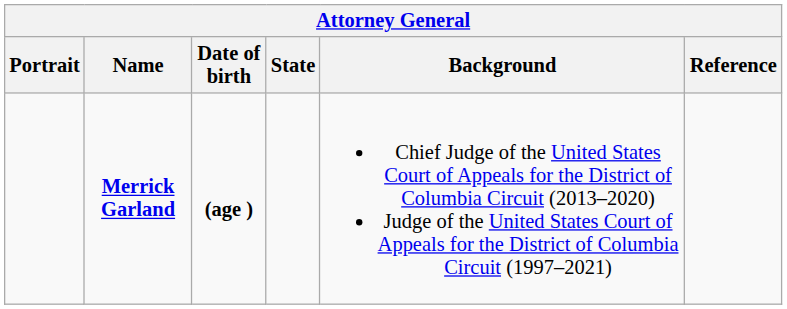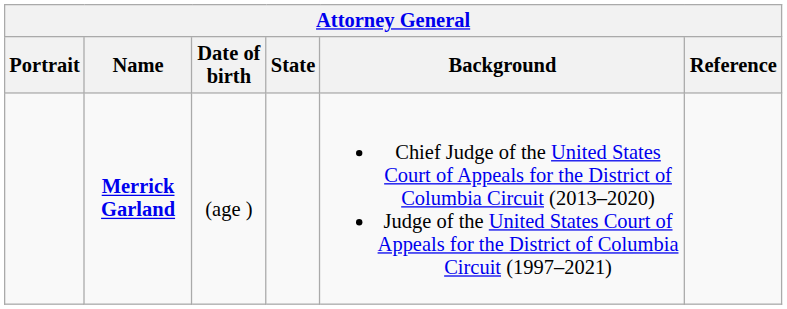 <table class="wikitable collapsible" style="text-align:center;">
 <tr>
 <th colspan="6"><a href='#'>Attorney General</a></th>
 </tr>
 <tr>
 <th>Portrait</th>
 <th>Name</th>
 <th>Date of birth</th>
 <th>State</th>
 <th>Background</th>
 <th>Reference</th>
 </tr>
 <tr>
 <td></td>
 <td><strong><a href='#'>Merrick Garland</a></strong></td>
-<td><strong><br>(age )</strong></td>
+<td><br>(age )</td>
 <td></td>
 <td><br><ul><li>Chief Judge of the <a href='#'>United States Court of Appeals for the District of Columbia Circuit</a> (2013–2020)</li><li>Judge of the <a href='#'>United States Court of Appeals for the District of Columbia Circuit</a> (1997–2021)</li></ul></td>
 <td></td>
 </tr>
 </table>
